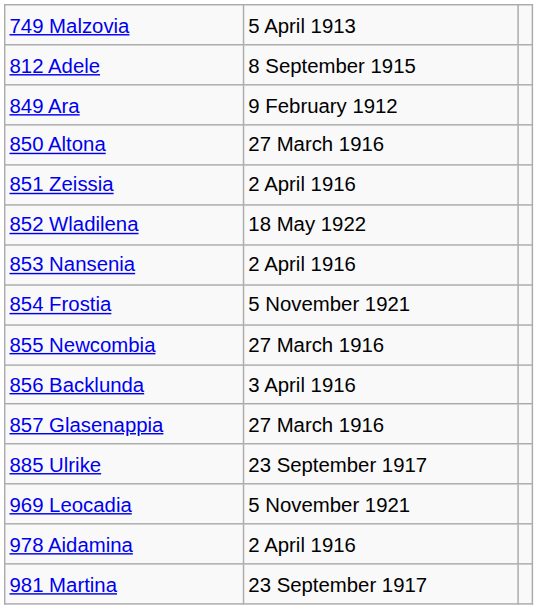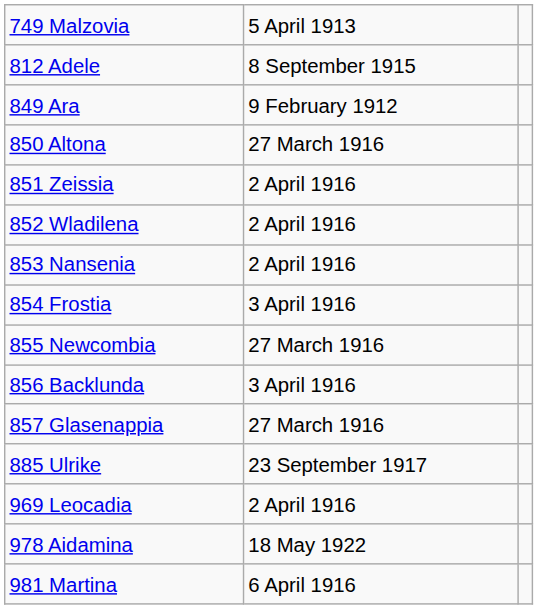 <table class="wikitable" style="font-size: 89%; float: left; width: 26em; margin-right: 1em; height: 420px;">
 <tr>
 <td><a href='#'>749 Malzovia</a></td>
 <td>5 April 1913</td>
 <td></td>
 </tr>
 <tr>
 <td><a href='#'>812 Adele</a></td>
 <td>8 September 1915</td>
 <td></td>
 </tr>
 <tr>
 <td><a href='#'>849 Ara</a></td>
 <td>9 February 1912</td>
 <td></td>
 </tr>
 <tr>
 <td><a href='#'>850 Altona</a></td>
 <td>27 March 1916</td>
 <td></td>
 </tr>
 <tr>
 <td><a href='#'>851 Zeissia</a></td>
 <td>2 April 1916</td>
 <td></td>
 </tr>
 <tr>
 <td><a href='#'>852 Wladilena</a></td>
-<td>18 May 1922</td>
+<td>2 April 1916</td>
 <td></td>
 </tr>
 <tr>
 <td><a href='#'>853 Nansenia</a></td>
 <td>2 April 1916</td>
 <td></td>
 </tr>
 <tr>
 <td><a href='#'>854 Frostia</a></td>
-<td>5 November 1921</td>
+<td>3 April 1916</td>
 <td></td>
 </tr>
 <tr>
 <td><a href='#'>855 Newcombia</a></td>
 <td>27 March 1916</td>
 <td></td>
 </tr>
 <tr>
 <td><a href='#'>856 Backlunda</a></td>
 <td>3 April 1916</td>
 <td></td>
 </tr>
 <tr>
 <td><a href='#'>857 Glasenappia</a></td>
 <td>27 March 1916</td>
 <td></td>
 </tr>
 <tr>
 <td><a href='#'>885 Ulrike</a></td>
 <td>23 September 1917</td>
 <td></td>
 </tr>
 <tr>
 <td><a href='#'>969 Leocadia</a></td>
-<td>5 November 1921</td>
+<td>2 April 1916</td>
 <td></td>
 </tr>
 <tr>
 <td><a href='#'>978 Aidamina</a></td>
-<td>2 April 1916</td>
+<td>18 May 1922</td>
 <td></td>
 </tr>
 <tr>
 <td><a href='#'>981 Martina</a></td>
-<td>23 September 1917</td>
+<td>6 April 1916</td>
 <td></td>
 </tr>
 </table>
